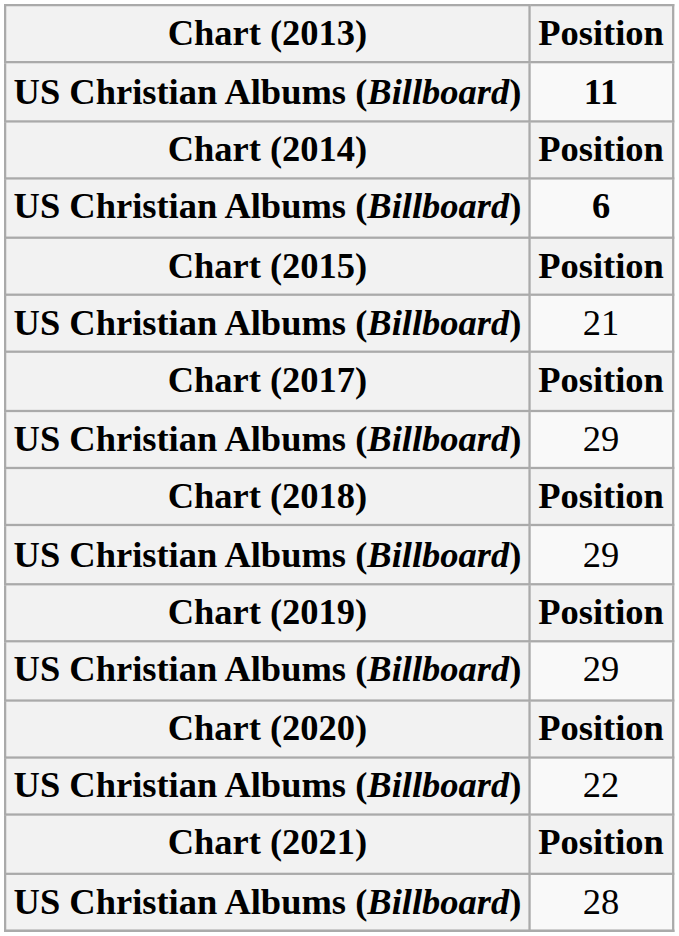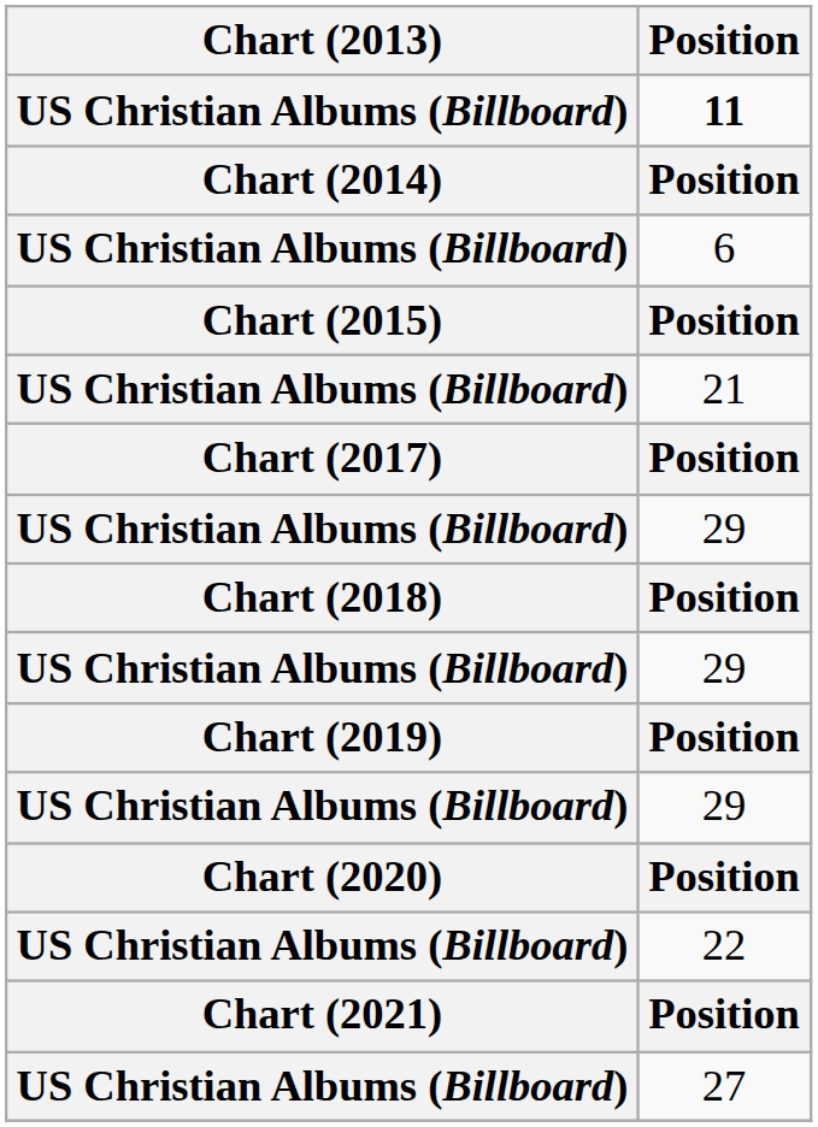 <table class="wikitable sortable plainrowheaders" style="text-align:center">
 <tr>
 <th scope="col">Chart (2013)</th>
 <th scope="col">Position</th>
 </tr>
 <tr>
 <th scope="row">US Christian Albums (<em>Billboard</em>)</th>
 <td><strong>11</strong></td>
 </tr>
 <tr>
 <th scope="col">Chart (2014)</th>
 <th scope="col">Position</th>
 </tr>
 <tr>
 <th scope="row">US Christian Albums (<em>Billboard</em>)</th>
-<td><strong>6</strong></td>
+<td>6</td>
 </tr>
 <tr>
 <th scope="col">Chart (2015)</th>
 <th scope="col">Position</th>
 </tr>
 <tr>
 <th scope="row">US Christian Albums (<em>Billboard</em>)</th>
 <td>21</td>
 </tr>
 <tr>
 <th scope="col">Chart (2017)</th>
 <th scope="col">Position</th>
 </tr>
 <tr>
 <th scope="row">US Christian Albums (<em>Billboard</em>)</th>
 <td>29</td>
 </tr>
 <tr>
 <th scope="col">Chart (2018)</th>
 <th scope="col">Position</th>
 </tr>
 <tr>
 <th scope="row">US Christian Albums (<em>Billboard</em>)</th>
 <td>29</td>
 </tr>
 <tr>
 <th scope="col">Chart (2019)</th>
 <th scope="col">Position</th>
 </tr>
 <tr>
 <th scope="row">US Christian Albums (<em>Billboard</em>)</th>
 <td>29</td>
 </tr>
 <tr>
 <th scope="col">Chart (2020)</th>
 <th scope="col">Position</th>
 </tr>
 <tr>
 <th scope="row">US Christian Albums (<em>Billboard</em>)</th>
 <td>22</td>
 </tr>
 <tr>
 <th scope="col">Chart (2021)</th>
 <th scope="col">Position</th>
 </tr>
 <tr>
 <th scope="row">US Christian Albums (<em>Billboard</em>)</th>
-<td>28</td>
+<td>27</td>
 </tr>
 <tr>
 </tr>
 </table>
